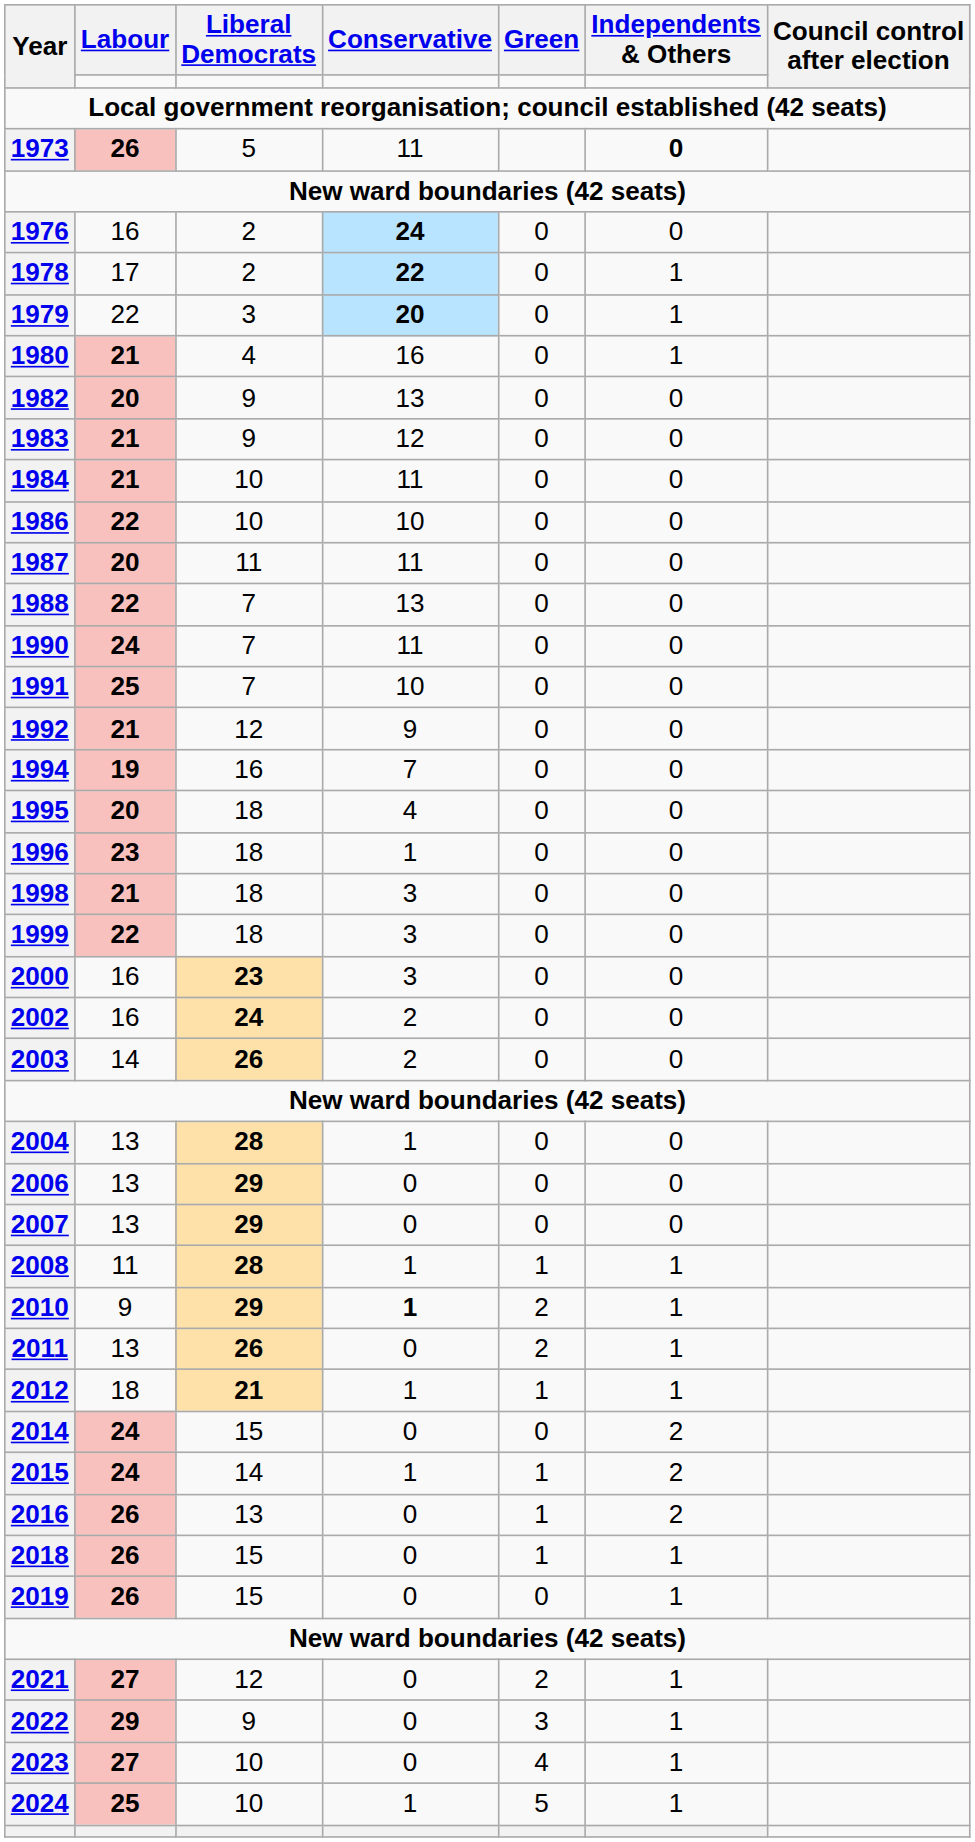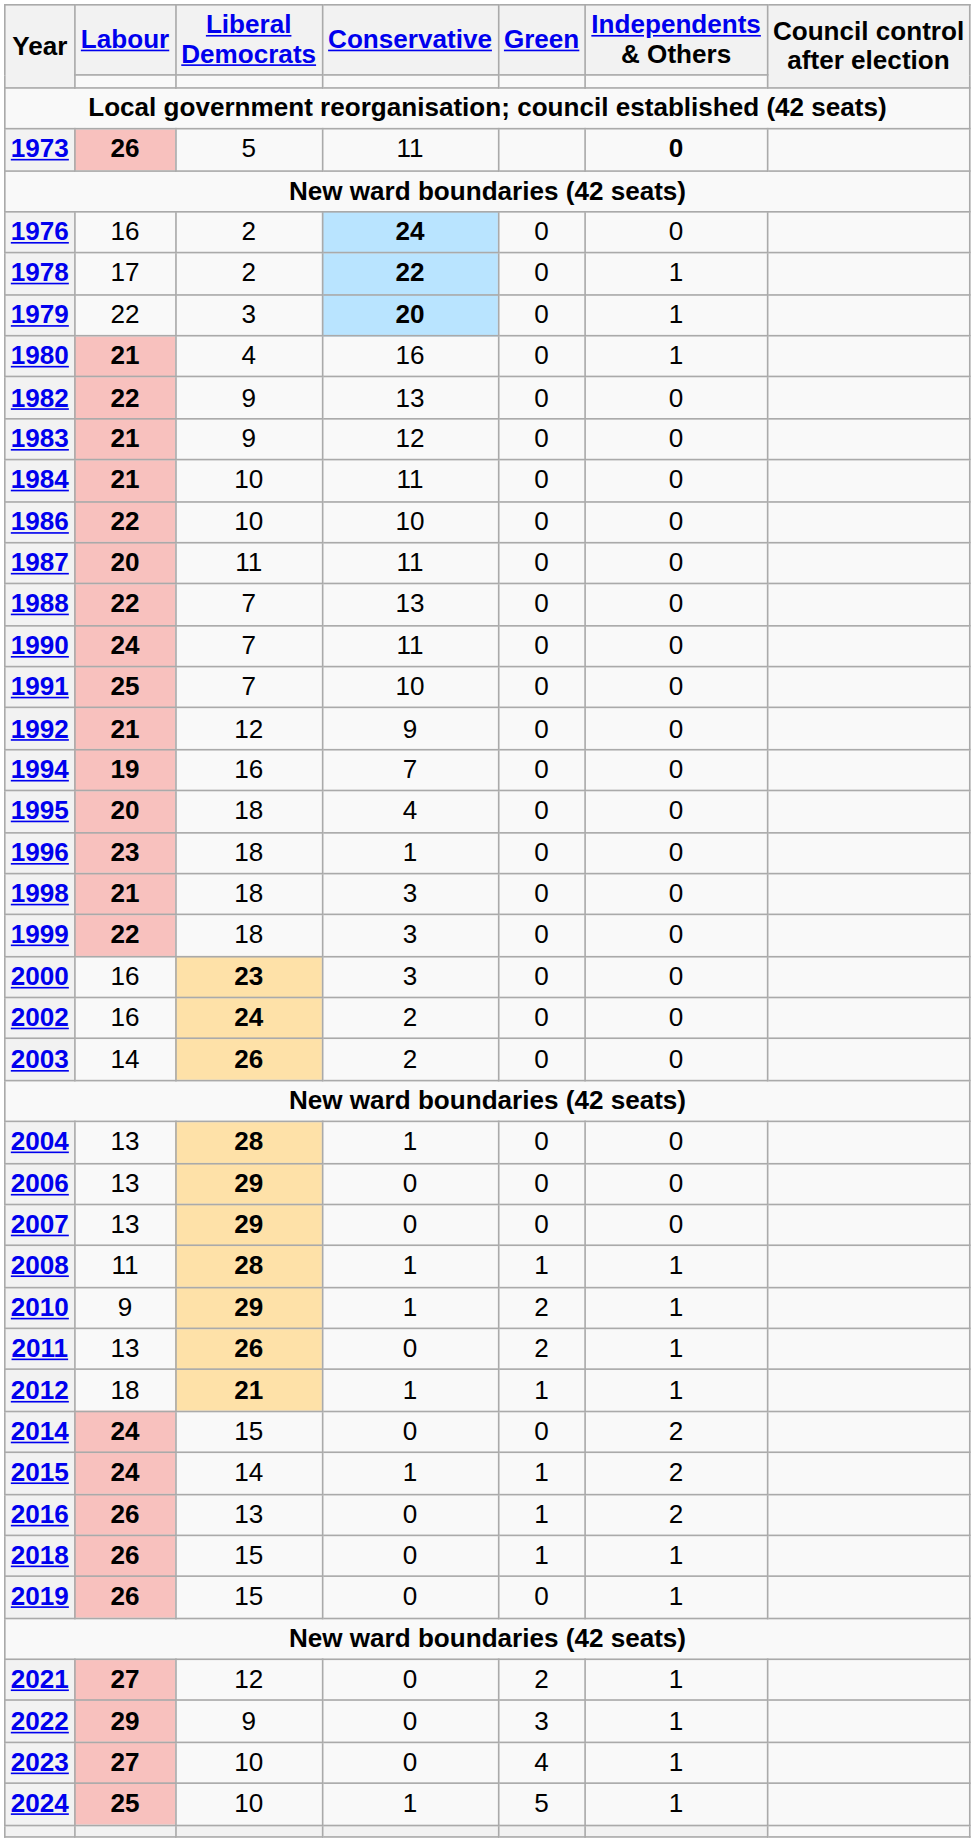 <table class="wikitable plainrowheaders" style="text-align:center">
 <tr>
 <th scope="col" rowspan="2">Year</th>
 <th scope="col"><a href='#'>Labour</a></th>
 <th scope="col" style="width:1px"><a href='#'>Liberal Democrats</a></th>
 <th scope="col"><a href='#'>Conservative</a></th>
 <th scope="col"><a href='#'>Green</a></th>
 <th scope="col"><a href='#'>Independents</a><br>& Others</th>
 <th scope="col" rowspan="2" colspan="2">Council control<br>after election</th>
 </tr>
 <tr>
 <td style="background:"></td>
 <td style="background:"></td>
 <td style="background:"></td>
 <td style="background:"></td>
 <td style="background:"></td>
 </tr>
 <tr>
 <td colspan="9"><strong>Local government reorganisation; council established (42 seats)</strong></td>
 </tr>
 <tr>
 <th scope="row"><a href='#'>1973</a></th>
 <td style="background:#F8C1BE;"><strong>26</strong></td>
 <td>5</td>
 <td>11</td>
 <td></td>
 <td><strong>0</strong></td>
 <td></td>
 </tr>
 <tr>
 <td colspan="9"><strong>New ward boundaries (42 seats)</strong></td>
 </tr>
 <tr>
 <th scope="row"><a href='#'>1976</a></th>
 <td>16</td>
 <td>2</td>
 <td style="background:#B9E4FF;"><strong>24</strong></td>
 <td>0</td>
 <td>0</td>
 <td></td>
 </tr>
 <tr>
 <th scope="row"><a href='#'>1978</a></th>
 <td>17</td>
 <td>2</td>
 <td style="background:#B9E4FF;"><strong>22</strong></td>
 <td>0</td>
 <td>1</td>
 <td></td>
 </tr>
 <tr>
 <th scope="row"><a href='#'>1979</a></th>
 <td>22</td>
 <td>3</td>
 <td style="background:#B9E4FF;"><strong>20</strong></td>
 <td>0</td>
 <td>1</td>
 <td></td>
 </tr>
 <tr>
 <th scope="row"><a href='#'>1980</a></th>
 <td style="background:#F8C1BE;"><strong>21</strong></td>
 <td>4</td>
 <td>16</td>
 <td>0</td>
 <td>1</td>
 <td></td>
 </tr>
 <tr>
 <th scope="row"><a href='#'>1982</a></th>
-<td style="background:#F8C1BE;"><strong>20</strong></td>
+<td style="background:#F8C1BE;"><strong>22</strong></td>
 <td>9</td>
 <td>13</td>
 <td>0</td>
 <td>0</td>
 <td></td>
 </tr>
 <tr>
 <th scope="row"><a href='#'>1983</a></th>
 <td style="background:#F8C1BE;"><strong>21</strong></td>
 <td>9</td>
 <td>12</td>
 <td>0</td>
 <td>0</td>
 <td></td>
 </tr>
 <tr>
 <th scope="row"><a href='#'>1984</a></th>
 <td style="background:#F8C1BE;"><strong>21</strong></td>
 <td>10</td>
 <td>11</td>
 <td>0</td>
 <td>0</td>
 <td></td>
 </tr>
 <tr>
 <th scope="row"><a href='#'>1986</a></th>
 <td style="background:#F8C1BE;"><strong>22</strong></td>
 <td>10</td>
 <td>10</td>
 <td>0</td>
 <td>0</td>
 <td></td>
 </tr>
 <tr>
 <th scope="row"><a href='#'>1987</a></th>
 <td style="background:#F8C1BE;"><strong>20</strong></td>
 <td>11</td>
 <td>11</td>
 <td>0</td>
 <td>0</td>
 <td></td>
 </tr>
 <tr>
 <th scope="row"><a href='#'>1988</a></th>
 <td style="background:#F8C1BE;"><strong>22</strong></td>
 <td>7</td>
 <td>13</td>
 <td>0</td>
 <td>0</td>
 <td></td>
 </tr>
 <tr>
 <th scope="row"><a href='#'>1990</a></th>
 <td style="background:#F8C1BE;"><strong>24</strong></td>
 <td>7</td>
 <td>11</td>
 <td>0</td>
 <td>0</td>
 <td></td>
 </tr>
 <tr>
 <th scope="row"><a href='#'>1991</a></th>
 <td style="background:#F8C1BE;"><strong>25</strong></td>
 <td>7</td>
 <td>10</td>
 <td>0</td>
 <td>0</td>
 <td></td>
 </tr>
 <tr>
 <th scope="row"><a href='#'>1992</a></th>
 <td style="background:#F8C1BE;"><strong>21</strong></td>
 <td>12</td>
 <td>9</td>
 <td>0</td>
 <td>0</td>
 <td></td>
 </tr>
 <tr>
 <th scope="row"><a href='#'>1994</a></th>
 <td style="background:#F8C1BE;"><strong>19</strong></td>
 <td>16</td>
 <td>7</td>
 <td>0</td>
 <td>0</td>
 <td></td>
 </tr>
 <tr>
 <th scope="row"><a href='#'>1995</a></th>
 <td style="background:#F8C1BE;"><strong>20</strong></td>
 <td>18</td>
 <td>4</td>
 <td>0</td>
 <td>0</td>
 <td></td>
 </tr>
 <tr>
 <th scope="row"><a href='#'>1996</a></th>
 <td style="background:#F8C1BE;"><strong>23</strong></td>
 <td>18</td>
 <td>1</td>
 <td>0</td>
 <td>0</td>
 <td></td>
 </tr>
 <tr>
 <th scope="row"><a href='#'>1998</a></th>
 <td style="background:#F8C1BE;"><strong>21</strong></td>
 <td>18</td>
 <td>3</td>
 <td>0</td>
 <td>0</td>
 <td></td>
 </tr>
 <tr>
 <th scope="row"><a href='#'>1999</a></th>
 <td style="background:#F8C1BE;"><strong>22</strong></td>
 <td>18</td>
 <td>3</td>
 <td>0</td>
 <td>0</td>
 <td></td>
 </tr>
 <tr>
 <th scope="row"><a href='#'>2000</a></th>
 <td>16</td>
 <td style="background:#FEE1A8"><strong>23</strong></td>
 <td>3</td>
 <td>0</td>
 <td>0</td>
 <td></td>
 </tr>
 <tr>
 <th scope="row"><a href='#'>2002</a></th>
 <td>16</td>
 <td style="background:#FEE1A8"><strong>24</strong></td>
 <td>2</td>
 <td>0</td>
 <td>0</td>
 <td></td>
 </tr>
 <tr>
 <th scope="row"><a href='#'>2003</a></th>
 <td>14</td>
 <td style="background:#FEE1A8"><strong>26</strong></td>
 <td>2</td>
 <td>0</td>
 <td>0</td>
 <td></td>
 </tr>
 <tr>
 <td colspan="9"><strong>New ward boundaries (42 seats)</strong></td>
 </tr>
 <tr>
 <th scope="row"><a href='#'>2004</a></th>
 <td>13</td>
 <td style="background:#FEE1A8"><strong>28</strong></td>
 <td>1</td>
 <td>0</td>
 <td>0</td>
 <td></td>
 </tr>
 <tr>
 <th scope="row"><a href='#'>2006</a></th>
 <td>13</td>
 <td style="background:#FEE1A8"><strong>29</strong></td>
 <td>0</td>
 <td>0</td>
 <td>0</td>
 <td></td>
 </tr>
 <tr>
 <th scope="row"><a href='#'>2007</a></th>
 <td>13</td>
 <td style="background:#FEE1A8"><strong>29</strong></td>
 <td>0</td>
 <td>0</td>
 <td>0</td>
 <td></td>
 </tr>
 <tr>
 <th scope="row"><a href='#'>2008</a></th>
 <td>11</td>
 <td style="background:#FEE1A8"><strong>28</strong></td>
 <td>1</td>
 <td>1</td>
 <td>1</td>
 <td></td>
 </tr>
 <tr>
 <th scope="row"><a href='#'>2010</a></th>
 <td>9</td>
 <td style="background:#FEE1A8"><strong>29</strong></td>
-<td><strong>1</strong></td>
+<td>1</td>
 <td>2</td>
 <td>1</td>
 <td></td>
 </tr>
 <tr>
 <th scope="row"><a href='#'>2011</a></th>
 <td>13</td>
 <td style="background:#FEE1A8"><strong>26</strong></td>
 <td>0</td>
 <td>2</td>
 <td>1</td>
 <td></td>
 </tr>
 <tr>
 <th scope="row"><a href='#'>2012</a></th>
 <td>18</td>
 <td style="background:#FEE1A8"><strong>21</strong></td>
 <td>1</td>
 <td>1</td>
 <td>1</td>
 <td></td>
 </tr>
 <tr>
 <th scope="row"><a href='#'>2014</a></th>
 <td style="background:#F8C1BE;"><strong>24</strong></td>
 <td>15</td>
 <td>0</td>
 <td>0</td>
 <td>2</td>
 <td></td>
 </tr>
 <tr>
 <th scope="row"><a href='#'>2015</a></th>
 <td style="background:#F8C1BE;"><strong>24</strong></td>
 <td>14</td>
 <td>1</td>
 <td>1</td>
 <td>2</td>
 <td></td>
 </tr>
 <tr>
 <th scope="row"><a href='#'>2016</a></th>
 <td style="background:#F8C1BE;"><strong>26</strong></td>
 <td>13</td>
 <td>0</td>
 <td>1</td>
 <td>2</td>
 <td></td>
 </tr>
 <tr>
 <th scope="row"><a href='#'>2018</a></th>
 <td style="background:#F8C1BE;"><strong>26</strong></td>
 <td>15</td>
 <td>0</td>
 <td>1</td>
 <td>1</td>
 <td></td>
 </tr>
 <tr>
 <th scope="row"><a href='#'>2019</a></th>
 <td style="background:#F8C1BE;"><strong>26</strong></td>
 <td>15</td>
 <td>0</td>
 <td>0</td>
 <td>1</td>
 <td></td>
 </tr>
 <tr>
 <td colspan="9"><strong>New ward boundaries (42 seats)</strong></td>
 </tr>
 <tr>
 <th scope="row"><a href='#'>2021</a></th>
 <td style="background:#F8C1BE;"><strong>27</strong></td>
 <td>12</td>
 <td>0</td>
 <td>2</td>
 <td>1</td>
 <td></td>
 </tr>
 <tr>
 <th scope="row"><a href='#'>2022</a></th>
 <td style="background:#F8C1BE;"><strong>29</strong></td>
 <td>9</td>
 <td>0</td>
 <td>3</td>
 <td>1</td>
 <td></td>
 </tr>
 <tr>
 <th scope="row"><a href='#'>2023</a></th>
 <td style="background:#F8C1BE;"><strong>27</strong></td>
 <td>10</td>
 <td>0</td>
 <td>4</td>
 <td>1</td>
 <td></td>
 </tr>
 <tr>
 <th scope="row"><a href='#'>2024</a></th>
 <td style="background:#F8C1BE;"><strong>25</strong></td>
 <td>10</td>
 <td>1</td>
 <td>5</td>
 <td>1</td>
 <td></td>
 </tr>
 <tr>
 <th></th>
 <th style="background-color: "></th>
 <th style="background-color: "></th>
 <th style="background-color: "></th>
 <th style="background-color: "></th>
 <th style="background-color: "></th>
 </tr>
 </table>
